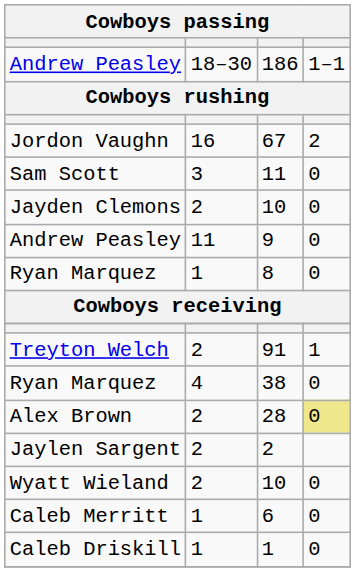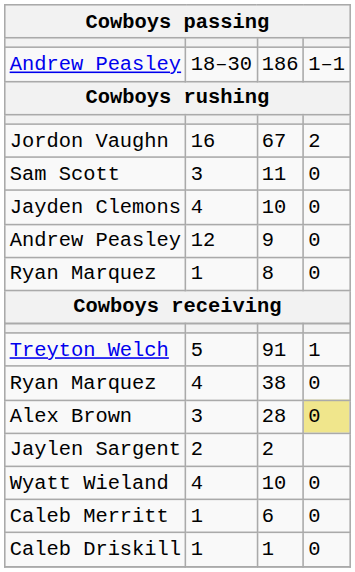 <table class="wikitable plainrowheaders">
 <tr>
 <th colspan="6">Cowboys passing</th>
 </tr>
 <tr>
 <th scope="col"></th>
 <th scope="col"></th>
 <th scope="col"></th>
 <th scope="col"></th>
 </tr>
 <tr>
 <td><a href='#'>Andrew Peasley</a></td>
 <td>18–30</td>
 <td>186</td>
 <td>1–1</td>
 </tr>
 <tr>
 <th colspan="6">Cowboys rushing</th>
 </tr>
 <tr>
 <th scope="col"></th>
 <th scope="col"></th>
 <th scope="col"></th>
 <th scope="col"></th>
 </tr>
 <tr>
 <td>Jordon Vaughn</td>
 <td>16</td>
 <td>67</td>
 <td>2</td>
 </tr>
 <tr>
 <td>Sam Scott</td>
 <td>3</td>
 <td>11</td>
 <td>0</td>
 </tr>
 <tr>
 <td>Jayden Clemons</td>
-<td>2</td>
+<td>4</td>
 <td>10</td>
 <td>0</td>
 </tr>
 <tr>
 <td>Andrew Peasley</td>
-<td>11</td>
+<td>12</td>
 <td>9</td>
 <td>0</td>
 </tr>
 <tr>
 <td>Ryan Marquez</td>
 <td>1</td>
 <td>8</td>
 <td>0</td>
 </tr>
 <tr>
 <th colspan="6">Cowboys receiving</th>
 </tr>
 <tr>
 </tr>
 <tr>
 <th scope="col"></th>
 <th scope="col"></th>
 <th scope="col"></th>
 <th scope="col"></th>
 </tr>
 <tr>
 <td><a href='#'>Treyton Welch</a></td>
-<td>2</td>
+<td>5</td>
 <td>91</td>
 <td>1</td>
 </tr>
 <tr>
 <td>Ryan Marquez</td>
 <td>4</td>
 <td>38</td>
 <td>0</td>
 </tr>
 <tr>
 <td>Alex Brown</td>
-<td>2</td>
+<td>3</td>
 <td>28</td>
 <td style="background: khaki;">0</td>
 </tr>
 <tr>
 <td>Jaylen Sargent</td>
 <td>2</td>
 <td>2</td>
 </tr>
 <tr>
 <td>Wyatt Wieland</td>
-<td>2</td>
+<td>4</td>
 <td>10</td>
 <td>0</td>
 </tr>
 <tr>
 <td>Caleb Merritt</td>
 <td>1</td>
 <td>6</td>
 <td>0</td>
 </tr>
 <tr>
 <td>Caleb Driskill</td>
 <td>1</td>
 <td>1</td>
 <td>0</td>
 </tr>
 <tr>
 </tr>
 </table>
